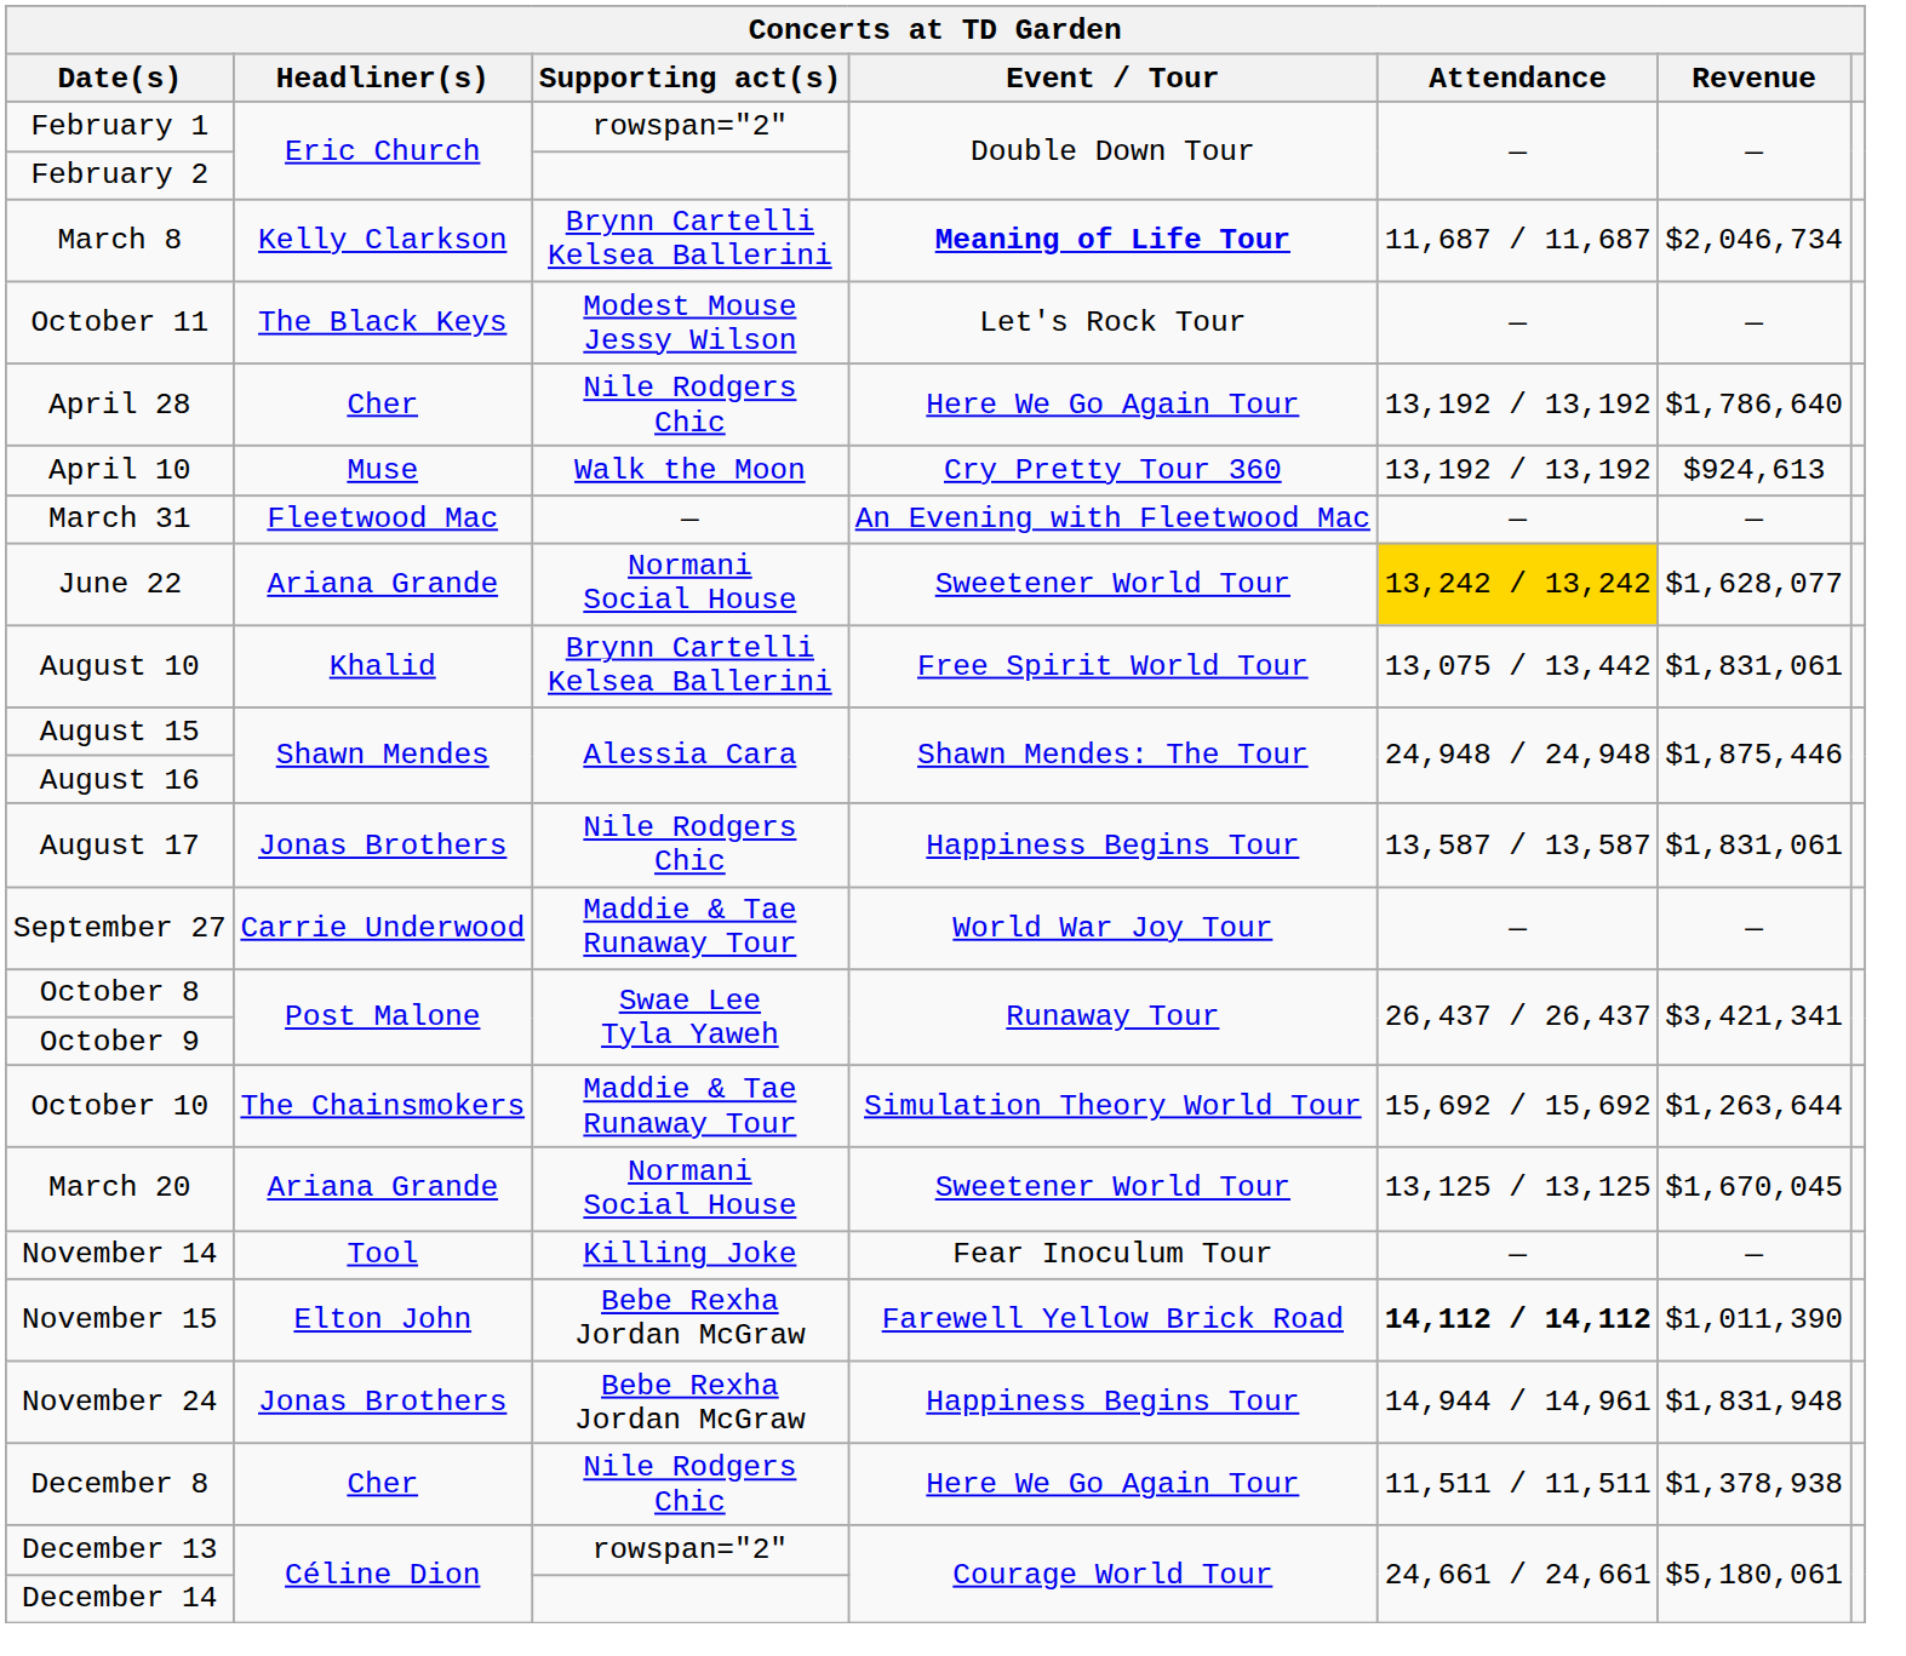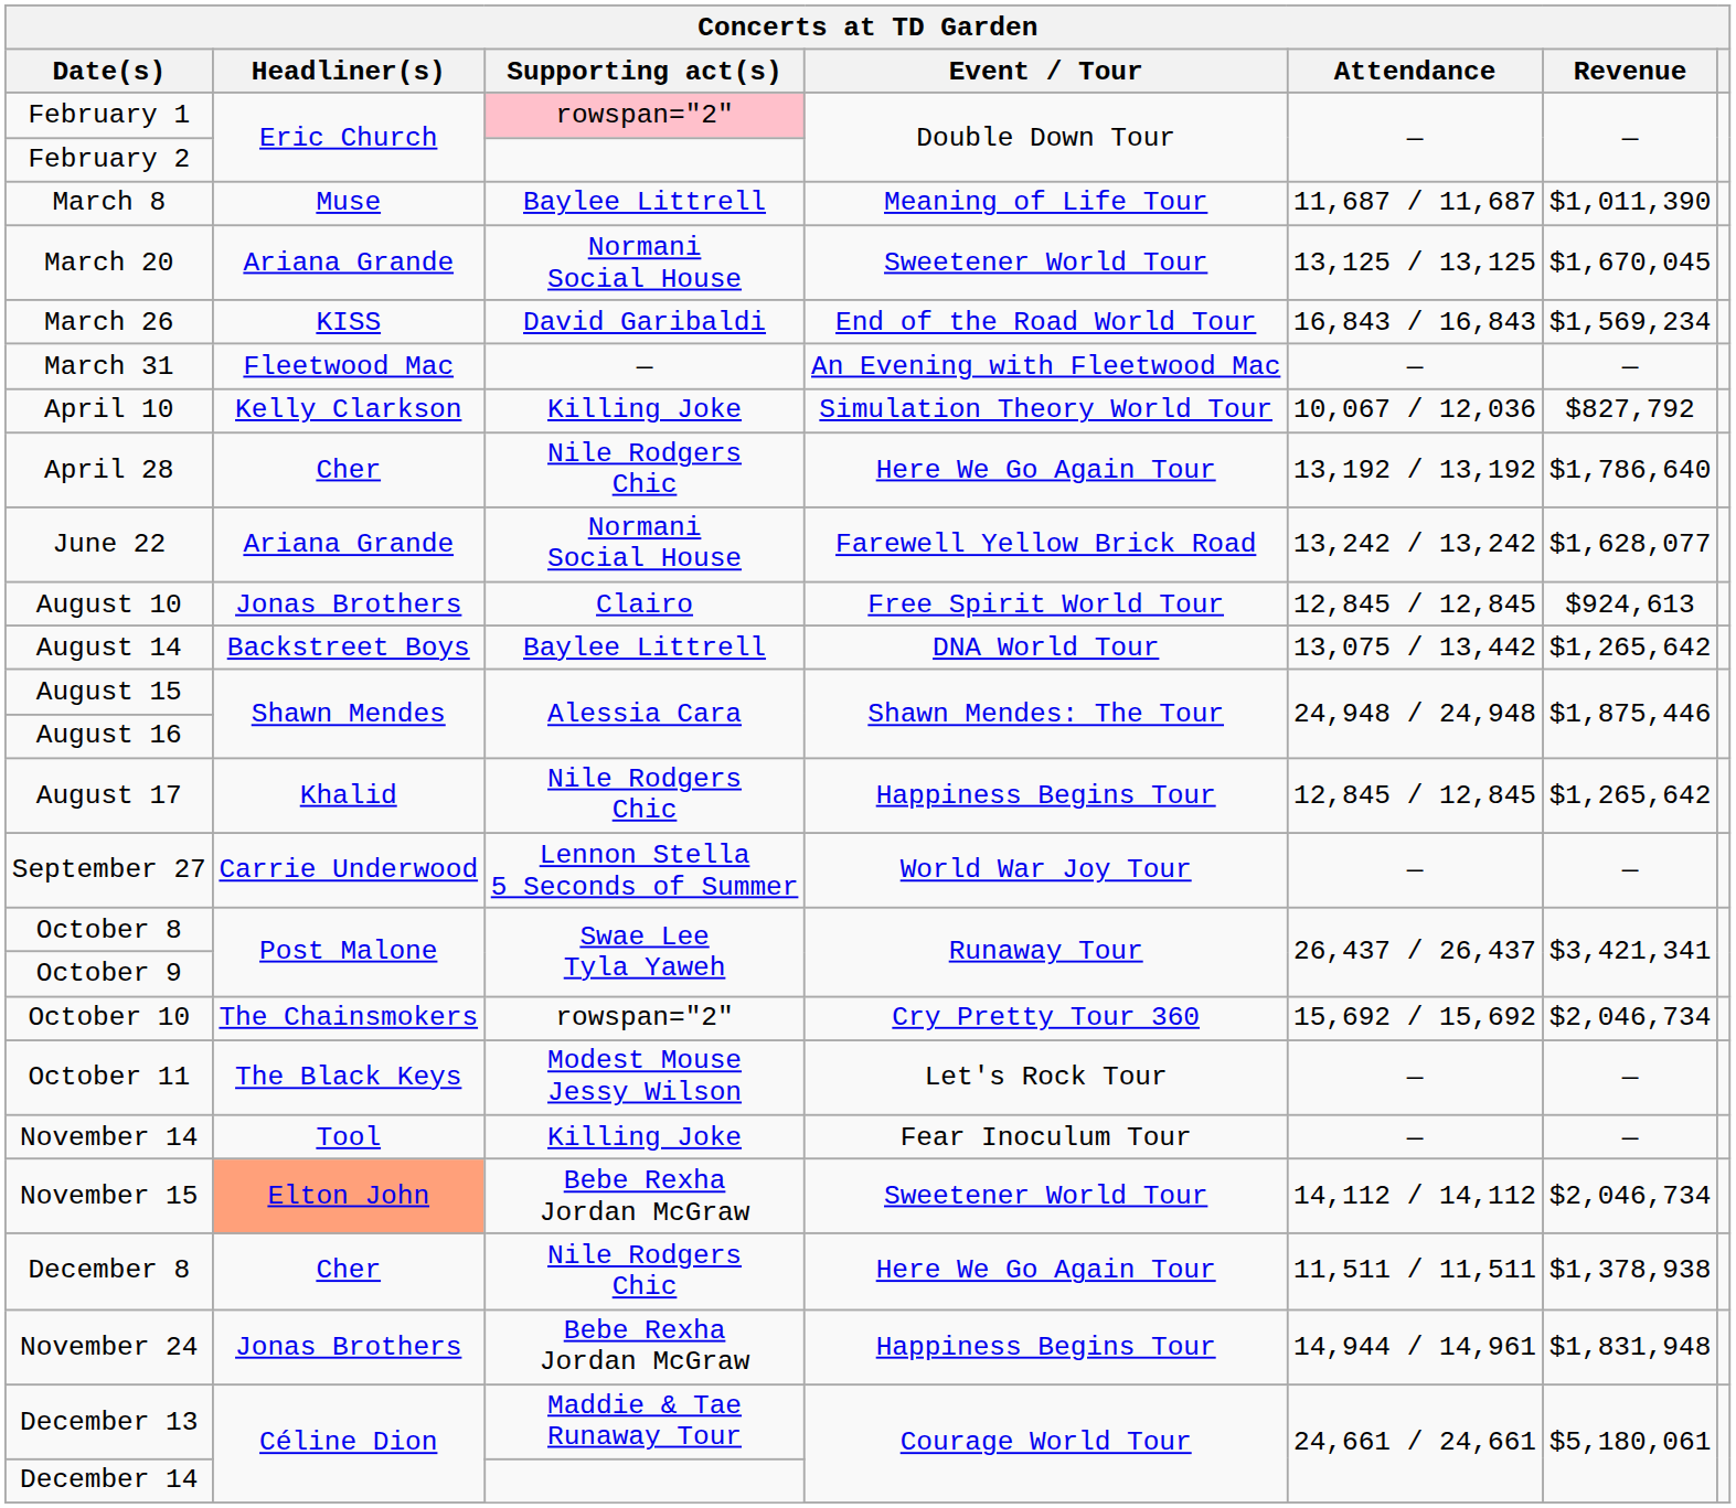 <table class="wikitable mw-collapsible mw-collapsed" style="text-align:center;">
 <tr>
 <th colspan="7">Concerts at TD Garden</th>
 </tr>
 <tr>
 <th>Date(s)</th>
 <th>Headliner(s)</th>
 <th>Supporting act(s)</th>
 <th>Event / Tour</th>
 <th>Attendance</th>
 <th>Revenue</th>
 <th></th>
 </tr>
 <tr>
 <td>February 1</td>
 <td rowspan="2"><a href='#'>Eric Church</a></td>
-<td>rowspan="2" </td>
+<td style="background: pink;">rowspan="2" </td>
 <td rowspan="2">Double Down Tour</td>
 <td rowspan="2">—</td>
 <td rowspan="2">—</td>
 <td rowspan="2"></td>
 </tr>
 <tr>
 <td>February 2</td>
 </tr>
 <tr>
 <td>March 8</td>
-<td><a href='#'>Kelly Clarkson</a></td>
-<td><a href='#'>Brynn Cartelli</a><br><a href='#'>Kelsea Ballerini</a></td>
-<td><strong><a href='#'>Meaning of Life Tour</a></strong></td>
+<td><a href='#'>Muse</a></td>
+<td><a href='#'>Baylee Littrell</a></td>
+<td><a href='#'>Meaning of Life Tour</a></td>
 <td>11,687 / 11,687</td>
-<td>$2,046,734</td>
+<td>$1,011,390</td>
 <td></td>
 </tr>
 <tr>
-<td>October 11</td>
-<td><a href='#'>The Black Keys</a></td>
-<td><a href='#'>Modest Mouse</a><br><a href='#'>Jessy Wilson</a></td>
-<td>Let's Rock Tour</td>
+<td>March 20</td>
+<td><a href='#'>Ariana Grande</a></td>
+<td><a href='#'>Normani</a><br> <a href='#'>Social House</a></td>
+<td><a href='#'>Sweetener World Tour</a></td>
+<td>13,125 / 13,125</td>
+<td>$1,670,045</td>
+<td></td>
+</tr>
+<tr>
+<td>March 26</td>
+<td><a href='#'>KISS</a></td>
+<td><a href='#'>David Garibaldi</a></td>
+<td><a href='#'>End of the Road World Tour</a></td>
+<td>16,843 / 16,843</td>
+<td>$1,569,234</td>
+<td></td>
+</tr>
+<tr>
+<td>March 31</td>
+<td><a href='#'>Fleetwood Mac</a></td>
+<td>—</td>
+<td><a href='#'>An Evening with Fleetwood Mac</a></td>
 <td>—</td>
 <td>—</td>
+<td></td>
+</tr>
+<tr>
+<td>April 10</td>
+<td><a href='#'>Kelly Clarkson</a></td>
+<td><a href='#'>Killing Joke</a></td>
+<td><a href='#'>Simulation Theory World Tour</a></td>
+<td>10,067 / 12,036</td>
+<td>$827,792</td>
 <td></td>
 </tr>
 <tr>
 <td>April 28</td>
 <td><a href='#'>Cher</a></td>
 <td><a href='#'>Nile Rodgers</a><br><a href='#'>Chic</a></td>
 <td><a href='#'>Here We Go Again Tour</a></td>
 <td>13,192 / 13,192</td>
 <td>$1,786,640</td>
 <td></td>
 </tr>
 <tr>
-<td>April 10</td>
-<td><a href='#'>Muse</a></td>
-<td><a href='#'>Walk the Moon</a></td>
-<td><a href='#'>Cry Pretty Tour 360</a></td>
-<td>13,192 / 13,192</td>
-<td>$924,613</td>
-<td></td>
-</tr>
-<tr>
-<td>March 31</td>
-<td><a href='#'>Fleetwood Mac</a></td>
-<td>—</td>
-<td><a href='#'>An Evening with Fleetwood Mac</a></td>
-<td>—</td>
-<td>—</td>
-<td></td>
-</tr>
-<tr>
 <td>June 22</td>
 <td><a href='#'>Ariana Grande</a></td>
 <td><a href='#'>Normani</a><br><a href='#'>Social House</a></td>
-<td><a href='#'>Sweetener World Tour</a></td>
-<td style="background: gold;">13,242 / 13,242</td>
+<td><a href='#'>Farewell Yellow Brick Road</a></td>
+<td>13,242 / 13,242</td>
 <td>$1,628,077</td>
 <td></td>
 </tr>
 <tr>
 <td>August 10</td>
-<td><a href='#'>Khalid</a></td>
-<td><a href='#'>Brynn Cartelli</a><br><a href='#'>Kelsea Ballerini</a></td>
+<td><a href='#'>Jonas Brothers</a></td>
+<td><a href='#'>Clairo</a></td>
 <td><a href='#'>Free Spirit World Tour</a></td>
+<td>12,845 / 12,845</td>
+<td>$924,613</td>
+<td></td>
+</tr>
+<tr>
+<td>August 14</td>
+<td><a href='#'>Backstreet Boys</a></td>
+<td><a href='#'>Baylee Littrell</a></td>
+<td><a href='#'>DNA World Tour</a></td>
 <td>13,075 / 13,442</td>
-<td>$1,831,061</td>
+<td>$1,265,642</td>
 <td></td>
 </tr>
 <tr>
 <td>August 15</td>
 <td rowspan="2"><a href='#'>Shawn Mendes</a></td>
 <td rowspan="2"><a href='#'>Alessia Cara</a></td>
 <td rowspan="2"><a href='#'>Shawn Mendes: The Tour</a></td>
 <td rowspan="2">24,948 / 24,948</td>
 <td rowspan="2">$1,875,446</td>
 <td rowspan="2"></td>
 </tr>
 <tr>
 <td>August 16</td>
 </tr>
 <tr>
 <td>August 17</td>
-<td><a href='#'>Jonas Brothers</a></td>
+<td><a href='#'>Khalid</a></td>
 <td><a href='#'>Nile Rodgers</a><br><a href='#'>Chic</a></td>
 <td><a href='#'>Happiness Begins Tour</a></td>
-<td>13,587 / 13,587</td>
-<td>$1,831,061</td>
+<td>12,845 / 12,845</td>
+<td>$1,265,642</td>
 <td></td>
 </tr>
 <tr>
 <td>September 27</td>
 <td><a href='#'>Carrie Underwood</a></td>
-<td><a href='#'>Maddie & Tae</a><br><a href='#'>Runaway Tour</a></td>
+<td><a href='#'>Lennon Stella</a><br><a href='#'>5 Seconds of Summer</a></td>
 <td><a href='#'>World War Joy Tour</a></td>
 <td>—</td>
 <td>—</td>
 <td></td>
 </tr>
 <tr>
 <td>October 8</td>
 <td rowspan="2"><a href='#'>Post Malone</a></td>
 <td rowspan="2"><a href='#'>Swae Lee</a><br><a href='#'>Tyla Yaweh</a></td>
 <td rowspan="2"><a href='#'>Runaway Tour</a></td>
 <td rowspan="2">26,437 / 26,437</td>
 <td rowspan="2">$3,421,341</td>
 <td rowspan="2"></td>
 </tr>
 <tr>
 <td>October 9</td>
 </tr>
 <tr>
 <td>October 10</td>
 <td><a href='#'>The Chainsmokers</a></td>
-<td><a href='#'>Maddie & Tae</a><br><a href='#'>Runaway Tour</a></td>
-<td><a href='#'>Simulation Theory World Tour</a></td>
+<td>rowspan="2" </td>
+<td><a href='#'>Cry Pretty Tour 360</a></td>
 <td>15,692 / 15,692</td>
-<td>$1,263,644</td>
+<td>$2,046,734</td>
 <td></td>
 </tr>
 <tr>
-<td>March 20</td>
-<td><a href='#'>Ariana Grande</a></td>
-<td><a href='#'>Normani</a><br> <a href='#'>Social House</a></td>
-<td><a href='#'>Sweetener World Tour</a></td>
-<td>13,125 / 13,125</td>
-<td>$1,670,045</td>
+<td>October 11</td>
+<td><a href='#'>The Black Keys</a></td>
+<td><a href='#'>Modest Mouse</a><br><a href='#'>Jessy Wilson</a></td>
+<td>Let's Rock Tour</td>
+<td>—</td>
+<td>—</td>
 <td></td>
 </tr>
 <tr>
 <td>November 14</td>
 <td><a href='#'>Tool</a></td>
 <td><a href='#'>Killing Joke</a></td>
 <td>Fear Inoculum Tour</td>
 <td>—</td>
 <td>—</td>
 <td></td>
 </tr>
 <tr>
 <td>November 15</td>
-<td><a href='#'>Elton John</a></td>
+<td style="background: lightsalmon;"><a href='#'>Elton John</a></td>
 <td><a href='#'>Bebe Rexha</a><br> Jordan McGraw</td>
-<td><a href='#'>Farewell Yellow Brick Road</a></td>
-<td><strong>14,112 / 14,112</strong></td>
-<td>$1,011,390</td>
+<td><a href='#'>Sweetener World Tour</a></td>
+<td>14,112 / 14,112</td>
+<td>$2,046,734</td>
+<td></td>
+</tr>
+<tr>
+<td>December 8</td>
+<td><a href='#'>Cher</a></td>
+<td><a href='#'>Nile Rodgers</a><br><a href='#'>Chic</a></td>
+<td><a href='#'>Here We Go Again Tour</a></td>
+<td>11,511 / 11,511</td>
+<td>$1,378,938</td>
 <td></td>
 </tr>
 <tr>
 <td>November 24</td>
 <td><a href='#'>Jonas Brothers</a></td>
 <td><a href='#'>Bebe Rexha</a><br> Jordan McGraw</td>
 <td><a href='#'>Happiness Begins Tour</a></td>
 <td>14,944 / 14,961</td>
 <td>$1,831,948</td>
 <td></td>
 </tr>
 <tr>
-<td>December 8</td>
-<td><a href='#'>Cher</a></td>
-<td><a href='#'>Nile Rodgers</a><br><a href='#'>Chic</a></td>
-<td><a href='#'>Here We Go Again Tour</a></td>
-<td>11,511 / 11,511</td>
-<td>$1,378,938</td>
-<td></td>
-</tr>
-<tr>
 <td>December 13</td>
 <td rowspan="2"><a href='#'>Céline Dion</a></td>
-<td>rowspan="2" </td>
+<td><a href='#'>Maddie & Tae</a><br><a href='#'>Runaway Tour</a></td>
 <td rowspan="2"><a href='#'>Courage World Tour</a></td>
 <td rowspan="2">24,661 / 24,661</td>
 <td rowspan="2">$5,180,061</td>
 <td rowspan="2"></td>
 </tr>
 <tr>
 <td>December 14</td>
 </tr>
 <tr>
 </tr>
 </table>
